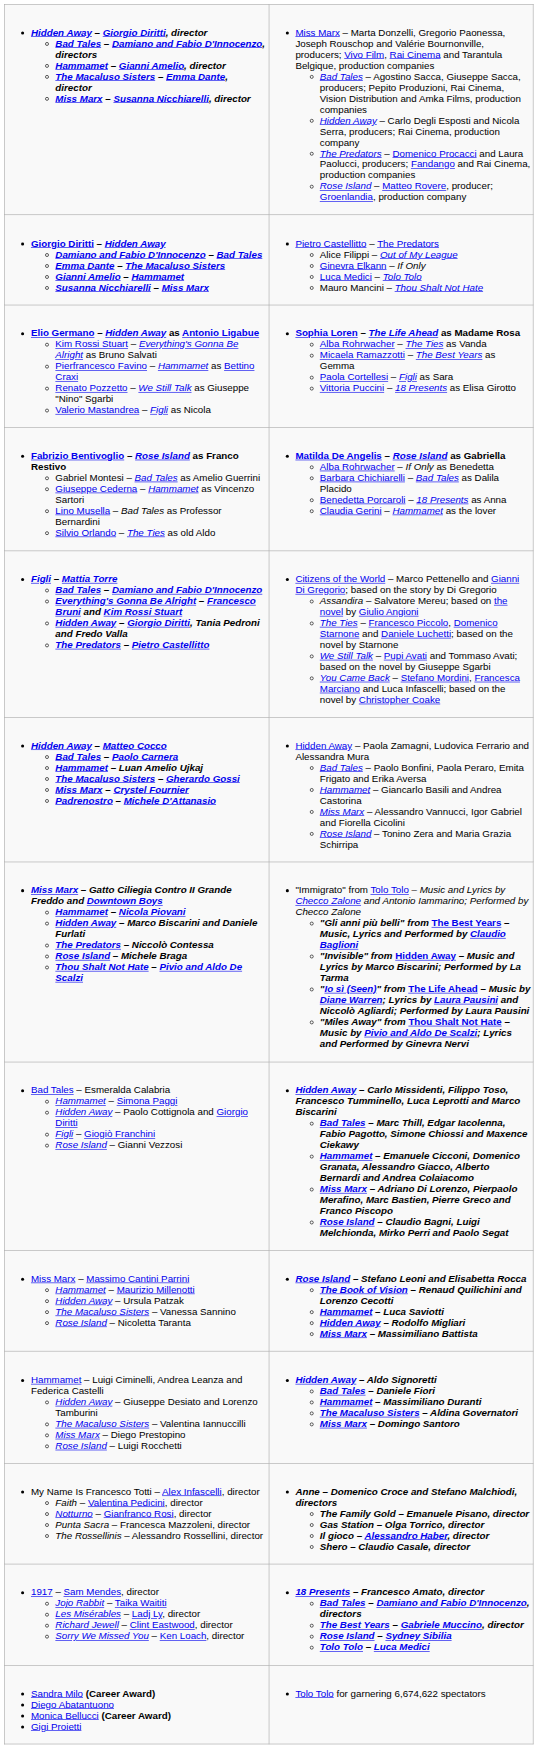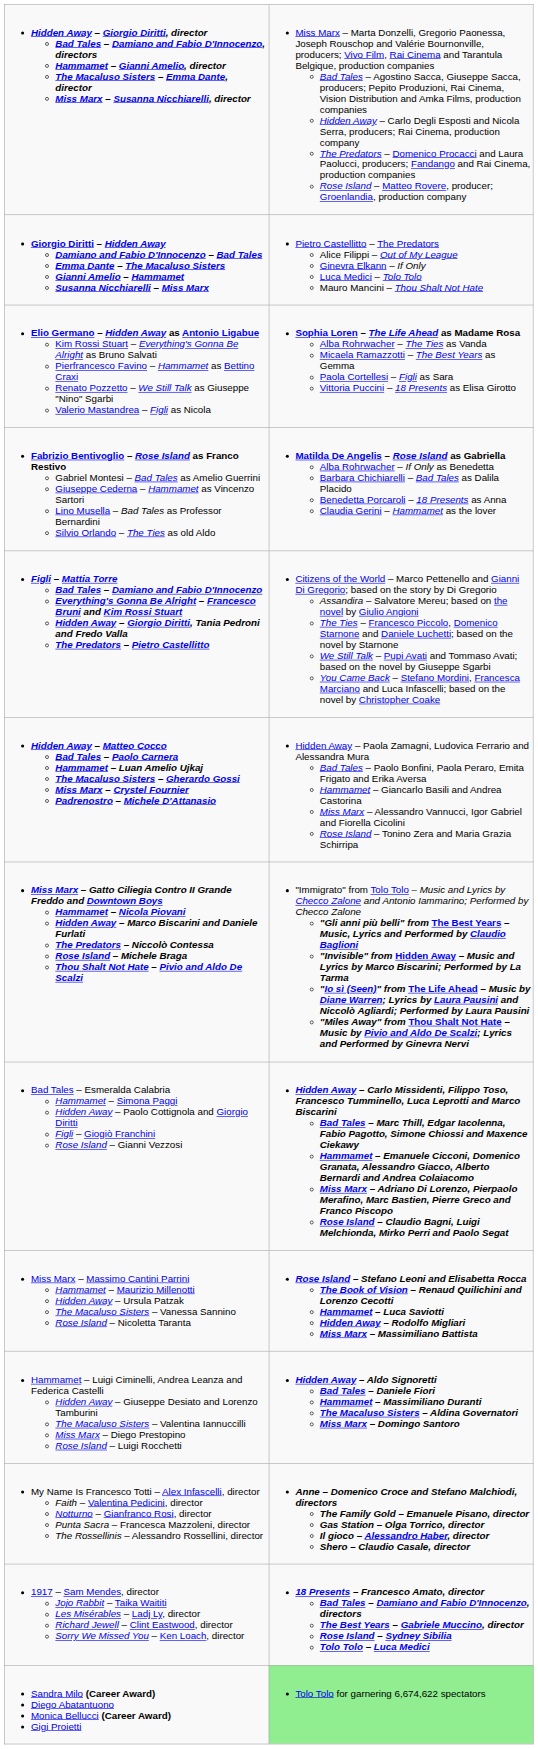 <table class="wikitable" role="presentation">
 <tr>
 <td style="vertical-align:top; width:50%;"><br><ul><li><strong><em><a href='#'>Hidden Away</a><em> – <a href='#'>Giorgio Diritti</a>, director<strong><ul><li></em><a href='#'>Bad Tales</a><em> – <a href='#'>Damiano and Fabio D'Innocenzo</a>, directors</li><li></em><a href='#'>Hammamet</a><em> – <a href='#'>Gianni Amelio</a>, director</li><li></em><a href='#'>The Macaluso Sisters</a><em> – <a href='#'>Emma Dante</a>, director</li><li></em><a href='#'>Miss Marx</a><em> – <a href='#'>Susanna Nicchiarelli</a>, director</li></ul></li></ul></td>
 <td style="vertical-align:top; width:50%;"><br><ul><li></em></strong><a href='#'>Miss Marx</a></em> – Marta Donzelli, Gregorio Paonessa, Joseph Rouschop and Valérie Bournonville, producers; <a href='#'>Vivo Film</a>, <a href='#'>Rai Cinema</a> and Tarantula Belgique, production companies</strong><ul><li><em><a href='#'>Bad Tales</a></em> – Agostino Sacca, Giuseppe Sacca, producers; Pepito Produzioni, Rai Cinema, Vision Distribution and Amka Films, production companies</li><li><em><a href='#'>Hidden Away</a></em> – Carlo Degli Esposti and Nicola Serra, producers; Rai Cinema, production company</li><li><em><a href='#'>The Predators</a></em> – <a href='#'>Domenico Procacci</a> and Laura Paolucci, producers; <a href='#'>Fandango</a> and Rai Cinema, production companies</li><li><em><a href='#'>Rose Island</a></em> – <a href='#'>Matteo Rovere</a>, producer; <a href='#'>Groenlandia</a>, production company</li></ul></li></ul></td>
 </tr>
 <tr>
 <td style="vertical-align:top; width:50%;"><br><ul><li><strong><a href='#'>Giorgio Diritti</a> – <em><a href='#'>Hidden Away</a><strong><em><ul><li><a href='#'>Damiano and Fabio D'Innocenzo</a> – </em><a href='#'>Bad Tales</a><em></li><li><a href='#'>Emma Dante</a> – </em><a href='#'>The Macaluso Sisters</a><em></li><li><a href='#'>Gianni Amelio</a> – </em><a href='#'>Hammamet</a><em></li><li><a href='#'>Susanna Nicchiarelli</a> – </em><a href='#'>Miss Marx</a><em></li></ul></li></ul></td>
 <td style="vertical-align:top; width:50%;"><br><ul><li></strong><a href='#'>Pietro Castellitto</a> – </em><a href='#'>The Predators</a></em></strong><ul><li>Alice Filippi – <em><a href='#'>Out of My League</a></em></li><li><a href='#'>Ginevra Elkann</a> – <em>If Only</em></li><li><a href='#'>Luca Medici</a> – <em><a href='#'>Tolo Tolo</a></em></li><li>Mauro Mancini – <em><a href='#'>Thou Shalt Not Hate</a></em></li></ul></li></ul></td>
 </tr>
 <tr>
 <td style="vertical-align:top; width:50%;"><br><ul><li><strong><a href='#'>Elio Germano</a> – <em><a href='#'>Hidden Away</a></em> as <a href='#'>Antonio Ligabue</a></strong><ul><li><a href='#'>Kim Rossi Stuart</a> – <em><a href='#'>Everything's Gonna Be Alright</a></em> as Bruno Salvati</li><li><a href='#'>Pierfrancesco Favino</a> – <em><a href='#'>Hammamet</a></em> as <a href='#'>Bettino Craxi</a></li><li><a href='#'>Renato Pozzetto</a> – <em><a href='#'>We Still Talk</a></em> as Giuseppe "Nino" Sgarbi</li><li><a href='#'>Valerio Mastandrea</a> – <em><a href='#'>Figli</a></em> as Nicola</li></ul></li></ul></td>
 <td style="vertical-align:top; width:50%;"><br><ul><li><strong><a href='#'>Sophia Loren</a> – <em><a href='#'>The Life Ahead</a></em> as Madame Rosa</strong><ul><li><a href='#'>Alba Rohrwacher</a> – <em><a href='#'>The Ties</a></em> as Vanda</li><li><a href='#'>Micaela Ramazzotti</a> – <em><a href='#'>The Best Years</a></em> as Gemma</li><li><a href='#'>Paola Cortellesi</a> – <em><a href='#'>Figli</a></em> as Sara</li><li><a href='#'>Vittoria Puccini</a> – <em><a href='#'>18 Presents</a></em> as Elisa Girotto</li></ul></li></ul></td>
 </tr>
 <tr>
 <td style="vertical-align:top; width:50%;"><br><ul><li><strong><a href='#'>Fabrizio Bentivoglio</a> – <em><a href='#'>Rose Island</a></em> as Franco Restivo</strong><ul><li>Gabriel Montesi – <em><a href='#'>Bad Tales</a></em> as Amelio Guerrini</li><li><a href='#'>Giuseppe Cederna</a> – <em><a href='#'>Hammamet</a></em> as Vincenzo Sartori</li><li><a href='#'>Lino Musella</a> – <em>Bad Tales</em> as Professor Bernardini</li><li><a href='#'>Silvio Orlando</a> – <em><a href='#'>The Ties</a></em> as old Aldo</li></ul></li></ul></td>
 <td style="vertical-align:top; width:50%;"><br><ul><li><strong><a href='#'>Matilda De Angelis</a> – <em><a href='#'>Rose Island</a></em> as Gabriella</strong><ul><li><a href='#'>Alba Rohrwacher</a> – <em>If Only</em> as Benedetta</li><li><a href='#'>Barbara Chichiarelli</a> – <em><a href='#'>Bad Tales</a></em> as Dalila Placido</li><li><a href='#'>Benedetta Porcaroli</a> – <em><a href='#'>18 Presents</a></em> as Anna</li><li><a href='#'>Claudia Gerini</a> – <em><a href='#'>Hammamet</a></em> as the lover</li></ul></li></ul></td>
 </tr>
 <tr>
 <td style="vertical-align:top; width:50%;"><br><ul><li><strong><em><a href='#'>Figli</a><em> – <a href='#'>Mattia Torre</a><strong><ul><li></em><a href='#'>Bad Tales</a><em> – <a href='#'>Damiano and Fabio D'Innocenzo</a></li><li></em><a href='#'>Everything's Gonna Be Alright</a><em> – <a href='#'>Francesco Bruni</a> and <a href='#'>Kim Rossi Stuart</a></li><li></em><a href='#'>Hidden Away</a><em> – <a href='#'>Giorgio Diritti</a>, Tania Pedroni and Fredo Valla</li><li></em><a href='#'>The Predators</a><em> – <a href='#'>Pietro Castellitto</a></li></ul></li></ul></td>
 <td style="vertical-align:top; width:50%;"><br><ul><li></em></strong><a href='#'>Citizens of the World</a></em> – Marco Pettenello and <a href='#'>Gianni Di Gregorio</a>; based on the story by Di Gregorio</strong><ul><li><em>Assandira</em> – Salvatore Mereu; based on <a href='#'>the novel</a> by <a href='#'>Giulio Angioni</a></li><li><em><a href='#'>The Ties</a></em> – <a href='#'>Francesco Piccolo</a>, <a href='#'>Domenico Starnone</a> and <a href='#'>Daniele Luchetti</a>; based on the novel by Starnone</li><li><em><a href='#'>We Still Talk</a></em> – <a href='#'>Pupi Avati</a> and Tommaso Avati; based on the novel by Giuseppe Sgarbi</li><li><em><a href='#'>You Came Back</a></em> – <a href='#'>Stefano Mordini</a>, <a href='#'>Francesca Marciano</a> and Luca Infascelli; based on the novel by <a href='#'>Christopher Coake</a></li></ul></li></ul></td>
 </tr>
 <tr>
 <td style="vertical-align:top; width:50%;"><br><ul><li><strong><em><a href='#'>Hidden Away</a><em> – <a href='#'>Matteo Cocco</a><strong><ul><li></em><a href='#'>Bad Tales</a><em> – <a href='#'>Paolo Carnera</a></li><li></em><a href='#'>Hammamet</a><em> – Luan Amelio Ujkaj</li><li></em><a href='#'>The Macaluso Sisters</a><em> – <a href='#'>Gherardo Gossi</a></li><li></em><a href='#'>Miss Marx</a><em> – <a href='#'>Crystel Fournier</a></li><li></em><a href='#'>Padrenostro</a><em> – <a href='#'>Michele D'Attanasio</a></li></ul></li></ul></td>
 <td style="vertical-align:top; width:50%;"><br><ul><li></em></strong><a href='#'>Hidden Away</a></em> – Paola Zamagni, Ludovica Ferrario and Alessandra Mura</strong><ul><li><em><a href='#'>Bad Tales</a></em> – Paolo Bonfini, Paola Peraro, Emita Frigato and Erika Aversa</li><li><em><a href='#'>Hammamet</a></em> – Giancarlo Basili and Andrea Castorina</li><li><em><a href='#'>Miss Marx</a></em> – Alessandro Vannucci, Igor Gabriel and Fiorella Cicolini</li><li><em><a href='#'>Rose Island</a></em> – Tonino Zera and Maria Grazia Schirripa</li></ul></li></ul></td>
 </tr>
 <tr>
 <td style="vertical-align:top; width:50%;"><br><ul><li><strong><em><a href='#'>Miss Marx</a><em> – Gatto Ciliegia Contro II Grande Freddo and <a href='#'>Downtown Boys</a><strong><ul><li></em><a href='#'>Hammamet</a><em> – <a href='#'>Nicola Piovani</a></li><li></em><a href='#'>Hidden Away</a><em> – Marco Biscarini and Daniele Furlati</li><li></em><a href='#'>The Predators</a><em> – Niccolò Contessa</li><li></em><a href='#'>Rose Island</a><em> – Michele Braga</li><li></em><a href='#'>Thou Shalt Not Hate</a><em> – <a href='#'>Pivio and Aldo De Scalzi</a></li></ul></li></ul></td>
 <td style="vertical-align:top; width:50%;"><br><ul><li></strong>"Immigrato" from </em><a href='#'>Tolo Tolo</a><em> – Music and Lyrics by <a href='#'>Checco Zalone</a> and Antonio Iammarino; Performed by Checco Zalone<strong><ul><li>"Gli anni più belli" from </em><a href='#'>The Best Years</a><em> – Music, Lyrics and Performed by <a href='#'>Claudio Baglioni</a></li><li>"Invisible" from </em><a href='#'>Hidden Away</a><em> – Music and Lyrics by Marco Biscarini; Performed by La Tarma</li><li>"<a href='#'>Io sì (Seen)</a>" from </em><a href='#'>The Life Ahead</a><em> – Music by <a href='#'>Diane Warren</a>; Lyrics by <a href='#'>Laura Pausini</a> and Niccolò Agliardi; Performed by Laura Pausini</li><li>"Miles Away" from </em><a href='#'>Thou Shalt Not Hate</a><em> – Music by <a href='#'>Pivio and Aldo De Scalzi</a>; Lyrics and Performed by Ginevra Nervi</li></ul></li></ul></td>
 </tr>
 <tr>
 <td style="vertical-align:top; width:50%;"><br><ul><li></em></strong><a href='#'>Bad Tales</a></em> – Esmeralda Calabria</strong><ul><li><em><a href='#'>Hammamet</a></em> – <a href='#'>Simona Paggi</a></li><li><em><a href='#'>Hidden Away</a></em> – Paolo Cottignola and <a href='#'>Giorgio Diritti</a></li><li><em><a href='#'>Figli</a></em> – <a href='#'>Giogiò Franchini</a></li><li><em><a href='#'>Rose Island</a></em> – Gianni Vezzosi</li></ul></li></ul></td>
 <td style="vertical-align:top; width:50%;"><br><ul><li><strong><em><a href='#'>Hidden Away</a><em> – Carlo Missidenti, Filippo Toso, Francesco Tumminello, Luca Leprotti and Marco Biscarini<strong><ul><li></em><a href='#'>Bad Tales</a><em> – Marc Thill, Edgar Iacolenna, Fabio Pagotto, Simone Chiossi and Maxence Ciekawy</li><li></em><a href='#'>Hammamet</a><em> – Emanuele Cicconi, Domenico Granata, Alessandro Giacco, Alberto Bernardi and Andrea Colaiacomo</li><li></em><a href='#'>Miss Marx</a><em> – Adriano Di Lorenzo, Pierpaolo Merafino, Marc Bastien, Pierre Greco and Franco Piscopo</li><li></em><a href='#'>Rose Island</a><em> – Claudio Bagni, Luigi Melchionda, Mirko Perri and Paolo Segat</li></ul></li></ul></td>
 </tr>
 <tr>
 <td style="vertical-align:top; width:50%;"><br><ul><li></em></strong><a href='#'>Miss Marx</a></em> – <a href='#'>Massimo Cantini Parrini</a></strong><ul><li><em><a href='#'>Hammamet</a></em> – <a href='#'>Maurizio Millenotti</a></li><li><em><a href='#'>Hidden Away</a></em> – Ursula Patzak</li><li><em><a href='#'>The Macaluso Sisters</a></em> – Vanessa Sannino</li><li><em><a href='#'>Rose Island</a></em> – Nicoletta Taranta</li></ul></li></ul></td>
 <td style="vertical-align:top; width:50%;"><br><ul><li><strong><em><a href='#'>Rose Island</a><em> – Stefano Leoni and Elisabetta Rocca<strong><ul><li></em><a href='#'>The Book of Vision</a><em> – Renaud Quilichini and Lorenzo Cecotti</li><li></em><a href='#'>Hammamet</a><em> – Luca Saviotti</li><li></em><a href='#'>Hidden Away</a><em> – Rodolfo Migliari</li><li></em><a href='#'>Miss Marx</a><em> – Massimiliano Battista</li></ul></li></ul></td>
 </tr>
 <tr>
 <td style="vertical-align:top; width:50%;"><br><ul><li></em></strong><a href='#'>Hammamet</a></em> – Luigi Ciminelli, Andrea Leanza and Federica Castelli</strong><ul><li><em><a href='#'>Hidden Away</a></em> – Giuseppe Desiato and Lorenzo Tamburini</li><li><em><a href='#'>The Macaluso Sisters</a></em> – Valentina Iannuccilli</li><li><em><a href='#'>Miss Marx</a></em> – Diego Prestopino</li><li><em><a href='#'>Rose Island</a></em> – Luigi Rocchetti</li></ul></li></ul></td>
 <td style="vertical-align:top; width:50%;"><br><ul><li><strong><em><a href='#'>Hidden Away</a><em> – Aldo Signoretti<strong><ul><li></em><a href='#'>Bad Tales</a><em> – Daniele Fiori</li><li></em><a href='#'>Hammamet</a><em> – Massimiliano Duranti</li><li></em><a href='#'>The Macaluso Sisters</a><em> – Aldina Governatori</li><li></em><a href='#'>Miss Marx</a><em> – Domingo Santoro</li></ul></li></ul></td>
 </tr>
 <tr>
 <td style="vertical-align:top; width:50%;"><br><ul><li></em></strong>My Name Is Francesco Totti</em> – <a href='#'>Alex Infascelli</a>, director</strong><ul><li><em>Faith</em> – <a href='#'>Valentina Pedicini</a>, director</li><li><em><a href='#'>Notturno</a></em> – <a href='#'>Gianfranco Rosi</a>, director</li><li><em>Punta Sacra</em> – Francesca Mazzoleni, director</li><li><em>The Rossellinis</em> – Alessandro Rossellini, director</li></ul></li></ul></td>
 <td style="vertical-align:top; width:50%;"><br><ul><li><strong><em>Anne<em> – Domenico Croce and Stefano Malchiodi, directors<strong><ul><li></em>The Family Gold<em> – Emanuele Pisano, director</li><li></em>Gas Station<em> – Olga Torrico, director</li><li></em>Il gioco<em> – <a href='#'>Alessandro Haber</a>, director</li><li></em>Shero<em> – Claudio Casale, director</li></ul></li></ul></td>
 </tr>
 <tr>
 <td style="vertical-align:top; width:50%;"><br><ul><li></em></strong><a href='#'>1917</a></em> – <a href='#'>Sam Mendes</a>, director</strong><ul><li><em><a href='#'>Jojo Rabbit</a></em> – <a href='#'>Taika Waititi</a></li><li><em><a href='#'>Les Misérables</a></em> – <a href='#'>Ladj Ly</a>, director</li><li><em><a href='#'>Richard Jewell</a></em> – <a href='#'>Clint Eastwood</a>, director</li><li><em><a href='#'>Sorry We Missed You</a></em> – <a href='#'>Ken Loach</a>, director</li></ul></li></ul></td>
 <td style="vertical-align:top; width:50%;"><br><ul><li><strong><em><a href='#'>18 Presents</a><em> – Francesco Amato, director<strong><ul><li></em><a href='#'>Bad Tales</a><em> – <a href='#'>Damiano and Fabio D'Innocenzo</a>, directors</li><li></em><a href='#'>The Best Years</a><em> – <a href='#'>Gabriele Muccino</a>, director</li><li></em><a href='#'>Rose Island</a><em> – <a href='#'>Sydney Sibilia</a></li><li></em><a href='#'>Tolo Tolo</a><em> – <a href='#'>Luca Medici</a></li></ul></li></ul></td>
 </tr>
 <tr>
 <td style="vertical-align:top; width:50%;"><br><ul><li></strong><a href='#'>Sandra Milo</a><strong> (Career Award)</li><li></strong><a href='#'>Diego Abatantuono</a><strong></li><li></strong><a href='#'>Monica Bellucci</a><strong> (Career Award)</li><li></strong><a href='#'>Gigi Proietti</a><strong></li></ul></td>
-<td style="vertical-align:top; width:50%;"><br><ul><li></em></strong><a href='#'>Tolo Tolo</a></em> for garnering 6,674,622 spectators</strong></li></ul></td>
+<td style="background: lightgreen; vertical-align:top; width:50%;"><br><ul><li></em></strong><a href='#'>Tolo Tolo</a></em> for garnering 6,674,622 spectators</strong></li></ul></td>
 </tr>
 </table>
